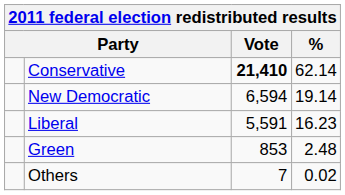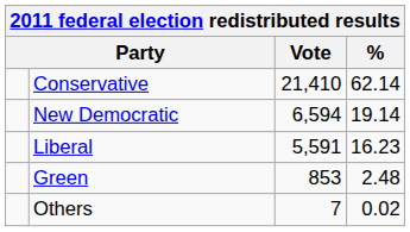 <table class="wikitable">
 <tr>
 <th colspan="4"><a href='#'>2011 federal election</a> redistributed results</th>
 </tr>
 <tr>
 <th bgcolor="#DDDDFF" width="130px" colspan="2">Party</th>
 <th bgcolor="#DDDDFF" width="50px">Vote</th>
 <th bgcolor="#DDDDFF" width="30px">%</th>
 </tr>
 <tr>
 <td> </td>
 <td><a href='#'>Conservative</a></td>
-<td align=right><strong>21,410</strong></td>
+<td align=right>21,410</td>
 <td align=right>62.14</td>
 </tr>
 <tr>
 <td> </td>
 <td><a href='#'>New Democratic</a></td>
 <td align=right>6,594</td>
 <td align=right>19.14</td>
 </tr>
 <tr>
 <td> </td>
 <td><a href='#'>Liberal</a></td>
 <td align=right>5,591</td>
 <td align=right>16.23</td>
 </tr>
 <tr>
 <td> </td>
 <td><a href='#'>Green</a></td>
 <td align=right>853</td>
 <td align=right>2.48</td>
 </tr>
 <tr>
 <td> </td>
 <td>Others</td>
 <td align=right>7</td>
 <td align=right>0.02</td>
 </tr>
 </table>
